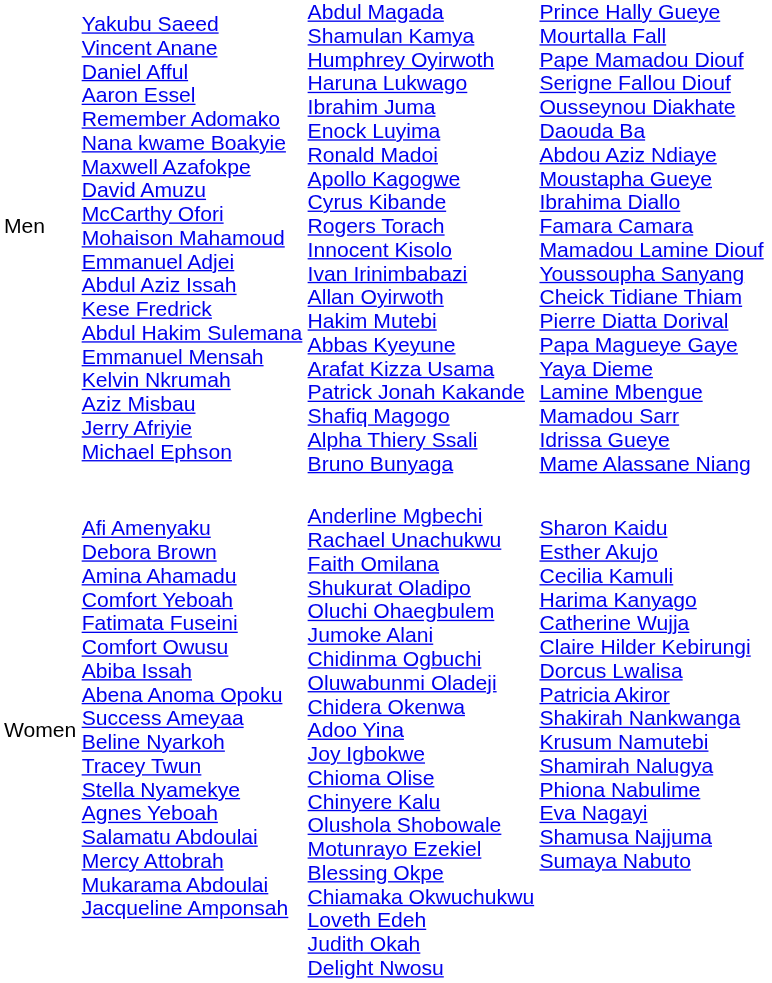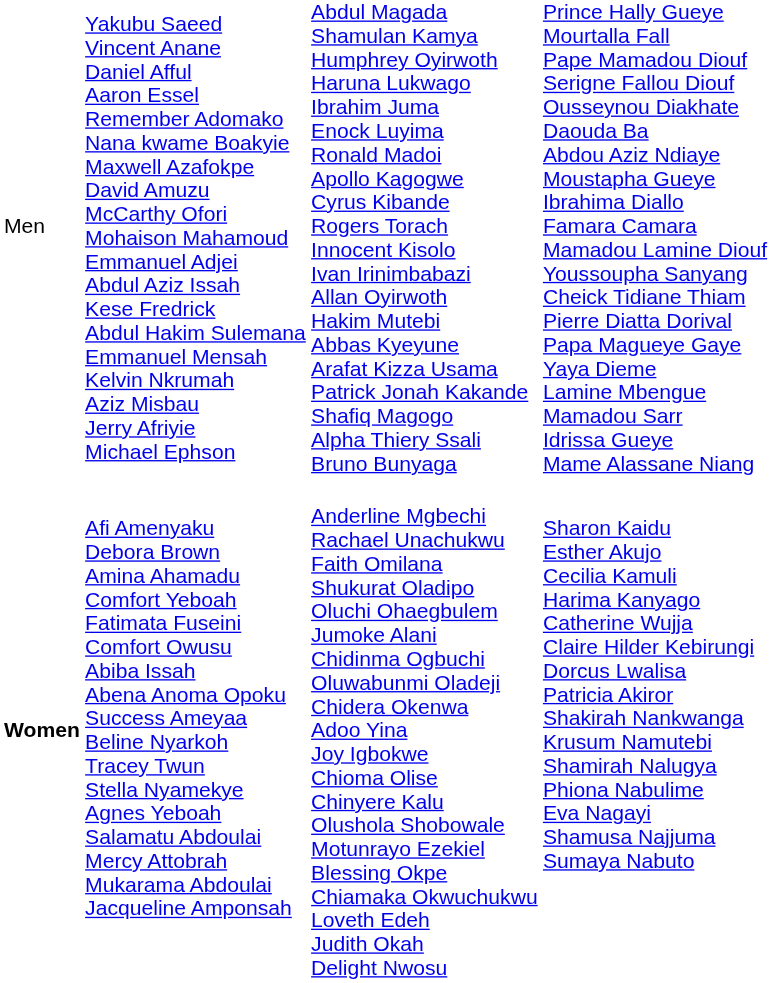 <table>
 <tr>
 <td>Men<br></td>
 <td><br><a href='#'>Yakubu Saeed</a><br><a href='#'>Vincent Anane</a><br><a href='#'>Daniel Afful</a><br><a href='#'>Aaron Essel</a><br><a href='#'>Remember Adomako</a><br><a href='#'>Nana kwame Boakyie</a><br><a href='#'>Maxwell Azafokpe</a><br><a href='#'>David Amuzu</a><br><a href='#'>McCarthy Ofori</a><br><a href='#'>Mohaison Mahamoud</a><br><a href='#'>Emmanuel Adjei</a><br><a href='#'>Abdul Aziz Issah</a><br><a href='#'>Kese Fredrick</a><br><a href='#'>Abdul Hakim Sulemana</a><br><a href='#'>Emmanuel Mensah</a><br><a href='#'>Kelvin Nkrumah</a><br><a href='#'>Aziz Misbau</a><br><a href='#'>Jerry Afriyie</a><br><a href='#'>Michael Ephson</a><br></td>
 <td><br><a href='#'>Abdul Magada</a><br><a href='#'>Shamulan Kamya</a><br><a href='#'>Humphrey Oyirwoth</a><br><a href='#'>Haruna Lukwago</a><br><a href='#'>Ibrahim Juma</a><br><a href='#'>Enock Luyima</a><br><a href='#'>Ronald Madoi</a><br><a href='#'>Apollo Kagogwe</a><br><a href='#'>Cyrus Kibande</a><br><a href='#'>Rogers Torach</a><br><a href='#'>Innocent Kisolo</a><br><a href='#'>Ivan Irinimbabazi</a><br><a href='#'>Allan Oyirwoth</a><br><a href='#'>Hakim Mutebi</a><br><a href='#'>Abbas Kyeyune</a><br><a href='#'>Arafat Kizza Usama</a><br><a href='#'>Patrick Jonah Kakande</a><br><a href='#'>Shafiq Magogo</a><br><a href='#'>Alpha Thiery Ssali</a><br><a href='#'>Bruno Bunyaga</a></td>
 <td><br><a href='#'>Prince Hally Gueye</a><br><a href='#'>Mourtalla Fall</a><br><a href='#'>Pape Mamadou Diouf</a><br><a href='#'>Serigne Fallou Diouf</a><br><a href='#'>Ousseynou Diakhate</a><br><a href='#'>Daouda Ba</a><br><a href='#'>Abdou Aziz Ndiaye</a><br><a href='#'>Moustapha Gueye</a><br><a href='#'>Ibrahima Diallo</a><br><a href='#'>Famara Camara</a><br><a href='#'>Mamadou Lamine Diouf</a><br><a href='#'>Youssoupha Sanyang</a><br><a href='#'>Cheick Tidiane Thiam</a><br><a href='#'>Pierre Diatta Dorival</a><br><a href='#'>Papa Magueye Gaye</a><br><a href='#'>Yaya Dieme</a><br><a href='#'>Lamine Mbengue</a><br><a href='#'>Mamadou Sarr</a><br><a href='#'>Idrissa Gueye</a><br><a href='#'>Mame Alassane Niang</a></td>
 </tr>
 <tr>
-<td>Women<br></td>
+<td><strong>Women<br></strong></td>
 <td><br><a href='#'>Afi Amenyaku</a><br><a href='#'>Debora Brown</a><br><a href='#'>Amina Ahamadu</a><br><a href='#'>Comfort Yeboah</a><br><a href='#'>Fatimata Fuseini</a><br><a href='#'>Comfort Owusu</a><br><a href='#'>Abiba Issah</a><br><a href='#'>Abena Anoma Opoku</a><br><a href='#'>Success Ameyaa</a><br><a href='#'>Beline Nyarkoh</a><br><a href='#'>Tracey Twun</a><br><a href='#'>Stella Nyamekye</a><br><a href='#'>Agnes Yeboah</a><br><a href='#'>Salamatu Abdoulai</a><br><a href='#'>Mercy Attobrah</a><br><a href='#'>Mukarama Abdoulai</a><br><a href='#'>Jacqueline Amponsah</a><br><br><br></td>
 <td><br><a href='#'>Anderline Mgbechi</a><br><a href='#'>Rachael Unachukwu</a><br><a href='#'>Faith Omilana</a><br><a href='#'>Shukurat Oladipo</a><br><a href='#'>Oluchi Ohaegbulem</a><br><a href='#'>Jumoke Alani</a><br><a href='#'>Chidinma Ogbuchi</a><br><a href='#'>Oluwabunmi Oladeji</a><br><a href='#'>Chidera Okenwa</a><br><a href='#'>Adoo Yina</a><br><a href='#'>Joy Igbokwe</a><br><a href='#'>Chioma Olise</a><br><a href='#'>Chinyere Kalu</a><br><a href='#'>Olushola Shobowale</a><br><a href='#'>Motunrayo Ezekiel</a><br><a href='#'>Blessing Okpe</a><br><a href='#'>Chiamaka Okwuchukwu</a><br><a href='#'>Loveth Edeh</a><br><a href='#'>Judith Okah</a><br><a href='#'>Delight Nwosu</a></td>
 <td><br><a href='#'>Sharon Kaidu</a><br><a href='#'>Esther Akujo</a><br><a href='#'>Cecilia Kamuli</a><br><a href='#'>Harima Kanyago</a><br><a href='#'>Catherine Wujja</a><br><a href='#'>Claire Hilder Kebirungi</a><br><a href='#'>Dorcus Lwalisa</a><br><a href='#'>Patricia Akiror</a><br><a href='#'>Shakirah Nankwanga</a><br><a href='#'>Krusum Namutebi</a><br><a href='#'>Shamirah Nalugya</a><br><a href='#'>Phiona Nabulime</a><br><a href='#'>Eva Nagayi</a><br><a href='#'>Shamusa Najjuma</a><br><a href='#'>Sumaya Nabuto</a><br><br><br><br><br></td>
 </tr>
 </table>
